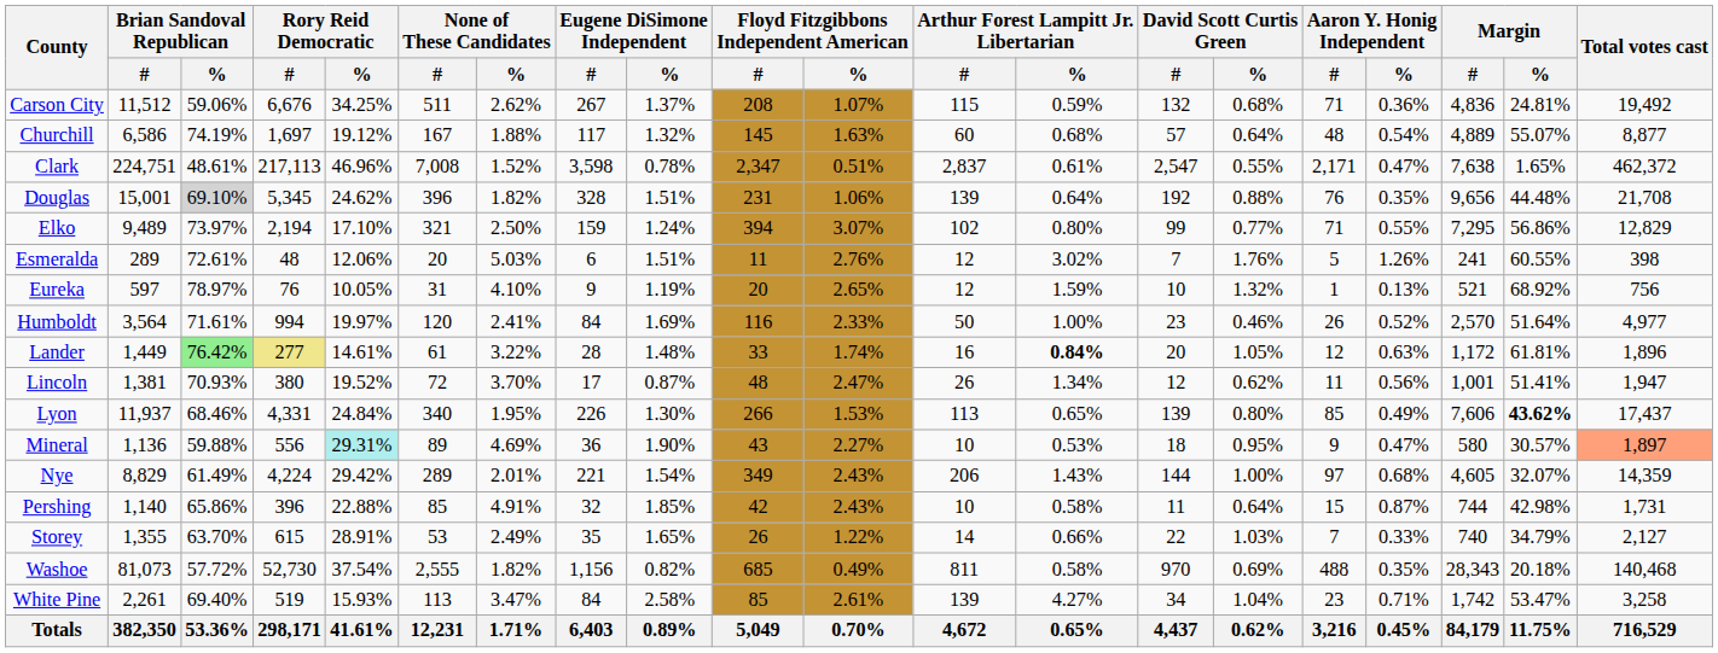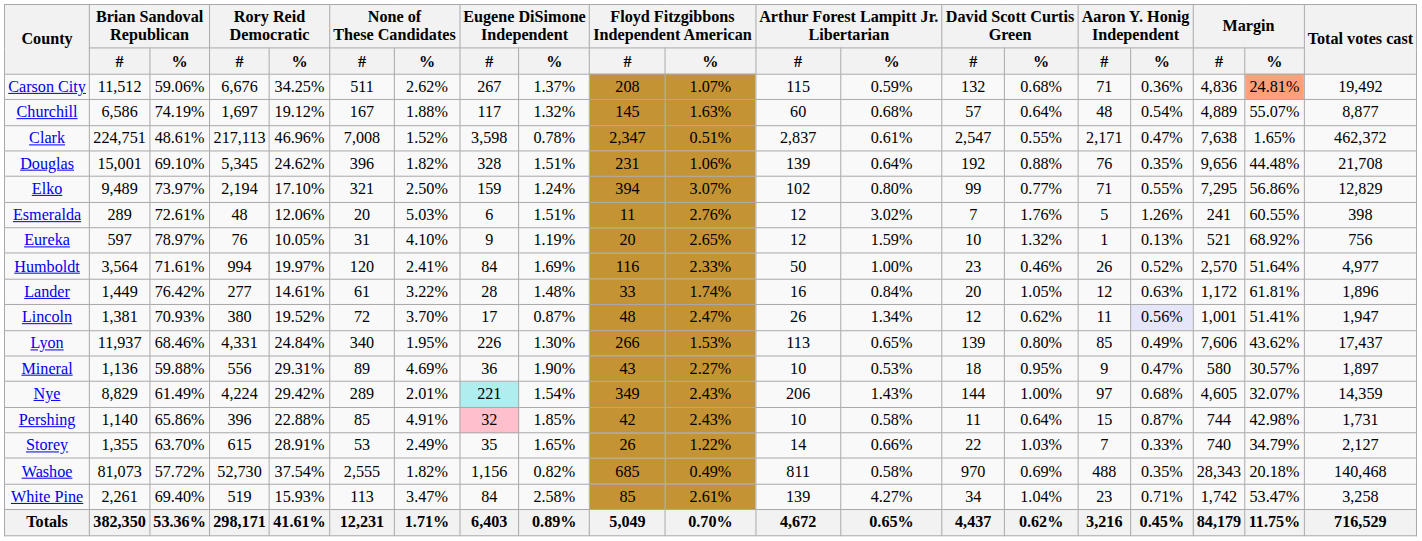 <table class="wikitable sortable" style="text-align:center">
 <tr>
 <th rowspan="2">County</th>
 <th style="text-align:center;" colspan="2">Brian Sandoval<br>Republican</th>
 <th style="text-align:center;" colspan="2">Rory Reid<br>Democratic</th>
 <th style="text-align:center;" colspan="2">None of<br>These Candidates</th>
 <th style="text-align:center;" colspan="2">Eugene DiSimone<br>Independent</th>
 <th style="text-align:center;" colspan="2">Floyd Fitzgibbons<br>Independent American</th>
 <th style="text-align:center;" colspan="2">Arthur Forest Lampitt Jr.<br>Libertarian</th>
 <th style="text-align:center;" colspan="2">David Scott Curtis<br>Green</th>
 <th style="text-align:center;" colspan="2">Aaron Y. Honig<br>Independent</th>
 <th style="text-align:center;" colspan="2">Margin</th>
 <th style="text-align:center;" rowspan="2">Total votes cast</th>
 </tr>
 <tr>
 <th style="text-align:center;" data-sort-type="number">#</th>
 <th style="text-align:center;" data-sort-type="number">%</th>
 <th style="text-align:center;" data-sort-type="number">#</th>
 <th style="text-align:center;" data-sort-type="number">%</th>
 <th style="text-align:center;" data-sort-type="number">#</th>
 <th style="text-align:center;" data-sort-type="number">%</th>
 <th style="text-align:center;" data-sort-type="number">#</th>
 <th style="text-align:center;" data-sort-type="number">%</th>
 <th style="text-align:center;" data-sort-type="number">#</th>
 <th style="text-align:center;" data-sort-type="number">%</th>
 <th style="text-align:center;" data-sort-type="number">#</th>
 <th style="text-align:center;" data-sort-type="number">%</th>
 <th style="text-align:center;" data-sort-type="number">#</th>
 <th style="text-align:center;" data-sort-type="number">%</th>
 <th style="text-align:center;" data-sort-type="number">#</th>
 <th style="text-align:center;" data-sort-type="number">%</th>
 <th style="text-align:center;" data-sort-type="number">#</th>
 <th style="text-align:center;" data-sort-type="number">%</th>
 </tr>
 <tr style="text-align:center;">
 <td><a href='#'>Carson City</a></td>
 <td>11,512</td>
 <td>59.06%</td>
 <td>6,676</td>
 <td>34.25%</td>
 <td>511</td>
 <td>2.62%</td>
 <td>267</td>
 <td>1.37%</td>
 <td bgcolor="#c49334">208</td>
 <td bgcolor="#c49334">1.07%</td>
 <td>115</td>
 <td>0.59%</td>
 <td>132</td>
 <td>0.68%</td>
 <td>71</td>
 <td>0.36%</td>
 <td>4,836</td>
-<td>24.81%</td>
+<td style="background: lightsalmon;">24.81%</td>
 <td>19,492</td>
 </tr>
 <tr style="text-align:center;">
 <td><a href='#'>Churchill</a></td>
 <td>6,586</td>
 <td>74.19%</td>
 <td>1,697</td>
 <td>19.12%</td>
 <td>167</td>
 <td>1.88%</td>
 <td>117</td>
 <td>1.32%</td>
 <td bgcolor="#c49334">145</td>
 <td bgcolor="#c49334">1.63%</td>
 <td>60</td>
 <td>0.68%</td>
 <td>57</td>
 <td>0.64%</td>
 <td>48</td>
 <td>0.54%</td>
 <td>4,889</td>
 <td>55.07%</td>
 <td>8,877</td>
 </tr>
 <tr style="text-align:center;">
 <td><a href='#'>Clark</a></td>
 <td>224,751</td>
 <td>48.61%</td>
 <td>217,113</td>
 <td>46.96%</td>
 <td>7,008</td>
 <td>1.52%</td>
 <td>3,598</td>
 <td>0.78%</td>
 <td bgcolor="#c49334">2,347</td>
 <td bgcolor="#c49334">0.51%</td>
 <td>2,837</td>
 <td>0.61%</td>
 <td>2,547</td>
 <td>0.55%</td>
 <td>2,171</td>
 <td>0.47%</td>
 <td>7,638</td>
 <td>1.65%</td>
 <td>462,372</td>
 </tr>
 <tr style="text-align:center;">
 <td><a href='#'>Douglas</a></td>
 <td>15,001</td>
-<td style="background: lightgrey;">69.10%</td>
+<td>69.10%</td>
 <td>5,345</td>
 <td>24.62%</td>
 <td>396</td>
 <td>1.82%</td>
 <td>328</td>
 <td>1.51%</td>
 <td bgcolor="#c49334">231</td>
 <td bgcolor="#c49334">1.06%</td>
 <td>139</td>
 <td>0.64%</td>
 <td>192</td>
 <td>0.88%</td>
 <td>76</td>
 <td>0.35%</td>
 <td>9,656</td>
 <td>44.48%</td>
 <td>21,708</td>
 </tr>
 <tr style="text-align:center;">
 <td><a href='#'>Elko</a></td>
 <td>9,489</td>
 <td>73.97%</td>
 <td>2,194</td>
 <td>17.10%</td>
 <td>321</td>
 <td>2.50%</td>
 <td>159</td>
 <td>1.24%</td>
 <td bgcolor="#c49334">394</td>
 <td bgcolor="#c49334">3.07%</td>
 <td>102</td>
 <td>0.80%</td>
 <td>99</td>
 <td>0.77%</td>
 <td>71</td>
 <td>0.55%</td>
 <td>7,295</td>
 <td>56.86%</td>
 <td>12,829</td>
 </tr>
 <tr style="text-align:center;">
 <td><a href='#'>Esmeralda</a></td>
 <td>289</td>
 <td>72.61%</td>
 <td>48</td>
 <td>12.06%</td>
 <td>20</td>
 <td>5.03%</td>
 <td>6</td>
 <td>1.51%</td>
 <td bgcolor="#c49334">11</td>
 <td bgcolor="#c49334">2.76%</td>
 <td>12</td>
 <td>3.02%</td>
 <td>7</td>
 <td>1.76%</td>
 <td>5</td>
 <td>1.26%</td>
 <td>241</td>
 <td>60.55%</td>
 <td>398</td>
 </tr>
 <tr style="text-align:center;">
 <td><a href='#'>Eureka</a></td>
 <td>597</td>
 <td>78.97%</td>
 <td>76</td>
 <td>10.05%</td>
 <td>31</td>
 <td>4.10%</td>
 <td>9</td>
 <td>1.19%</td>
 <td bgcolor="#c49334">20</td>
 <td bgcolor="#c49334">2.65%</td>
 <td>12</td>
 <td>1.59%</td>
 <td>10</td>
 <td>1.32%</td>
 <td>1</td>
 <td>0.13%</td>
 <td>521</td>
 <td>68.92%</td>
 <td>756</td>
 </tr>
 <tr style="text-align:center;">
 <td><a href='#'>Humboldt</a></td>
 <td>3,564</td>
 <td>71.61%</td>
 <td>994</td>
 <td>19.97%</td>
 <td>120</td>
 <td>2.41%</td>
 <td>84</td>
 <td>1.69%</td>
 <td bgcolor="#c49334">116</td>
 <td bgcolor="#c49334">2.33%</td>
 <td>50</td>
 <td>1.00%</td>
 <td>23</td>
 <td>0.46%</td>
 <td>26</td>
 <td>0.52%</td>
 <td>2,570</td>
 <td>51.64%</td>
 <td>4,977</td>
 </tr>
 <tr style="text-align:center;">
 <td><a href='#'>Lander</a></td>
 <td>1,449</td>
-<td style="background: lightgreen;">76.42%</td>
-<td style="background: khaki;">277</td>
+<td>76.42%</td>
+<td>277</td>
 <td>14.61%</td>
 <td>61</td>
 <td>3.22%</td>
 <td>28</td>
 <td>1.48%</td>
 <td bgcolor="#c49334">33</td>
 <td bgcolor="#c49334">1.74%</td>
 <td>16</td>
-<td><strong>0.84%</strong></td>
+<td>0.84%</td>
 <td>20</td>
 <td>1.05%</td>
 <td>12</td>
 <td>0.63%</td>
 <td>1,172</td>
 <td>61.81%</td>
 <td>1,896</td>
 </tr>
 <tr style="text-align:center;">
 <td><a href='#'>Lincoln</a></td>
 <td>1,381</td>
 <td>70.93%</td>
 <td>380</td>
 <td>19.52%</td>
 <td>72</td>
 <td>3.70%</td>
 <td>17</td>
 <td>0.87%</td>
 <td bgcolor="#c49334">48</td>
 <td bgcolor="#c49334">2.47%</td>
 <td>26</td>
 <td>1.34%</td>
 <td>12</td>
 <td>0.62%</td>
 <td>11</td>
-<td>0.56%</td>
+<td style="background: lavender;">0.56%</td>
 <td>1,001</td>
 <td>51.41%</td>
 <td>1,947</td>
 </tr>
 <tr style="text-align:center;">
 <td><a href='#'>Lyon</a></td>
 <td>11,937</td>
 <td>68.46%</td>
 <td>4,331</td>
 <td>24.84%</td>
 <td>340</td>
 <td>1.95%</td>
 <td>226</td>
 <td>1.30%</td>
 <td bgcolor="#c49334">266</td>
 <td bgcolor="#c49334">1.53%</td>
 <td>113</td>
 <td>0.65%</td>
 <td>139</td>
 <td>0.80%</td>
 <td>85</td>
 <td>0.49%</td>
 <td>7,606</td>
-<td><strong>43.62%</strong></td>
+<td>43.62%</td>
 <td>17,437</td>
 </tr>
 <tr style="text-align:center;">
 <td><a href='#'>Mineral</a></td>
 <td>1,136</td>
 <td>59.88%</td>
 <td>556</td>
-<td style="background: paleturquoise;">29.31%</td>
+<td>29.31%</td>
 <td>89</td>
 <td>4.69%</td>
 <td>36</td>
 <td>1.90%</td>
 <td bgcolor="#c49334">43</td>
 <td bgcolor="#c49334">2.27%</td>
 <td>10</td>
 <td>0.53%</td>
 <td>18</td>
 <td>0.95%</td>
 <td>9</td>
 <td>0.47%</td>
 <td>580</td>
 <td>30.57%</td>
-<td style="background: lightsalmon;">1,897</td>
+<td>1,897</td>
 </tr>
 <tr style="text-align:center;">
 <td><a href='#'>Nye</a></td>
 <td>8,829</td>
 <td>61.49%</td>
 <td>4,224</td>
 <td>29.42%</td>
 <td>289</td>
 <td>2.01%</td>
-<td>221</td>
+<td style="background: paleturquoise;">221</td>
 <td>1.54%</td>
 <td bgcolor="#c49334">349</td>
 <td bgcolor="#c49334">2.43%</td>
 <td>206</td>
 <td>1.43%</td>
 <td>144</td>
 <td>1.00%</td>
 <td>97</td>
 <td>0.68%</td>
 <td>4,605</td>
 <td>32.07%</td>
 <td>14,359</td>
 </tr>
 <tr style="text-align:center;">
 <td><a href='#'>Pershing</a></td>
 <td>1,140</td>
 <td>65.86%</td>
 <td>396</td>
 <td>22.88%</td>
 <td>85</td>
 <td>4.91%</td>
-<td>32</td>
+<td style="background: pink;">32</td>
 <td>1.85%</td>
 <td bgcolor="#c49334">42</td>
 <td bgcolor="#c49334">2.43%</td>
 <td>10</td>
 <td>0.58%</td>
 <td>11</td>
 <td>0.64%</td>
 <td>15</td>
 <td>0.87%</td>
 <td>744</td>
 <td>42.98%</td>
 <td>1,731</td>
 </tr>
 <tr style="text-align:center;">
 <td><a href='#'>Storey</a></td>
 <td>1,355</td>
 <td>63.70%</td>
 <td>615</td>
 <td>28.91%</td>
 <td>53</td>
 <td>2.49%</td>
 <td>35</td>
 <td>1.65%</td>
 <td bgcolor="#c49334">26</td>
 <td bgcolor="#c49334">1.22%</td>
 <td>14</td>
 <td>0.66%</td>
 <td>22</td>
 <td>1.03%</td>
 <td>7</td>
 <td>0.33%</td>
 <td>740</td>
 <td>34.79%</td>
 <td>2,127</td>
 </tr>
 <tr style="text-align:center;">
 <td><a href='#'>Washoe</a></td>
 <td>81,073</td>
 <td>57.72%</td>
 <td>52,730</td>
 <td>37.54%</td>
 <td>2,555</td>
 <td>1.82%</td>
 <td>1,156</td>
 <td>0.82%</td>
 <td bgcolor="#c49334">685</td>
 <td bgcolor="#c49334">0.49%</td>
 <td>811</td>
 <td>0.58%</td>
 <td>970</td>
 <td>0.69%</td>
 <td>488</td>
 <td>0.35%</td>
 <td>28,343</td>
 <td>20.18%</td>
 <td>140,468</td>
 </tr>
 <tr style="text-align:center;">
 <td><a href='#'>White Pine</a></td>
 <td>2,261</td>
 <td>69.40%</td>
 <td>519</td>
 <td>15.93%</td>
 <td>113</td>
 <td>3.47%</td>
 <td>84</td>
 <td>2.58%</td>
 <td bgcolor="#c49334">85</td>
 <td bgcolor="#c49334">2.61%</td>
 <td>139</td>
 <td>4.27%</td>
 <td>34</td>
 <td>1.04%</td>
 <td>23</td>
 <td>0.71%</td>
 <td>1,742</td>
 <td>53.47%</td>
 <td>3,258</td>
 </tr>
 <tr style="text-align:center;">
 <th>Totals</th>
 <th>382,350</th>
 <th>53.36%</th>
 <th>298,171</th>
 <th>41.61%</th>
 <th>12,231</th>
 <th>1.71%</th>
 <th>6,403</th>
 <th>0.89%</th>
 <th>5,049</th>
 <th>0.70%</th>
 <th>4,672</th>
 <th>0.65%</th>
 <th>4,437</th>
 <th>0.62%</th>
 <th>3,216</th>
 <th>0.45%</th>
 <th>84,179</th>
 <th>11.75%</th>
 <th>716,529</th>
 </tr>
 </table>
